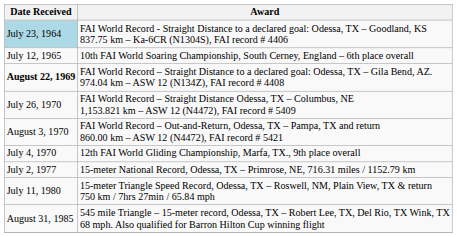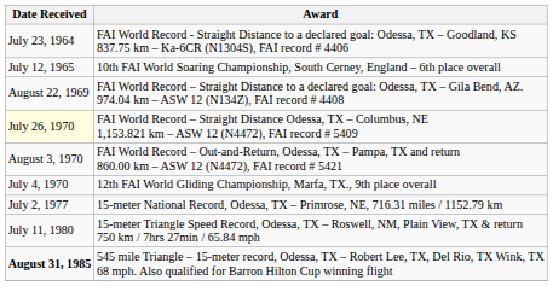 <table class="wikitable">
 <tr>
 <th>Date Received</th>
 <th>Award</th>
 </tr>
 <tr>
-<td style="background: lightblue;">July 23, 1964</td>
+<td>July 23, 1964</td>
 <td>FAI World Record - Straight Distance to a declared goal: Odessa, TX – Goodland, KS<br>837.75 km – Ka-6CR (N1304S), FAI record # 4406</td>
 </tr>
 <tr>
 <td>July 12, 1965</td>
 <td>10th FAI World Soaring Championship, South Cerney, England – 6th place overall</td>
 </tr>
 <tr>
-<td><strong>August 22, 1969</strong></td>
+<td>August 22, 1969</td>
 <td>FAI World Record – Straight Distance to a declared goal: Odessa, TX – Gila Bend, AZ.<br>974.04 km – ASW 12 (N134Z), FAI record # 4408</td>
 </tr>
 <tr>
-<td>July 26, 1970</td>
+<td style="background: lightyellow;">July 26, 1970</td>
 <td>FAI World Record – Straight Distance Odessa, TX – Columbus, NE<br>1,153.821 km – ASW 12 (N4472), FAI record # 5409</td>
 </tr>
 <tr>
 <td>August 3, 1970</td>
 <td>FAI World Record – Out-and-Return, Odessa, TX – Pampa, TX and return<br>860.00 km – ASW 12 (N4472), FAI record # 5421</td>
 </tr>
 <tr>
 <td>July 4, 1970</td>
 <td>12th FAI World Gliding Championship, Marfa, TX., 9th place overall</td>
 </tr>
 <tr>
 <td>July 2, 1977</td>
 <td>15-meter National Record, Odessa, TX – Primrose, NE, 716.31 miles / 1152.79 km</td>
 </tr>
 <tr>
 <td>July 11, 1980</td>
 <td>15-meter Triangle Speed Record, Odessa, TX – Roswell, NM, Plain View, TX & return<br>750 km / 7hrs 27min / 65.84 mph</td>
 </tr>
 <tr>
-<td>August 31, 1985</td>
+<td><strong>August 31, 1985</strong></td>
 <td>545 mile Triangle – 15-meter record, Odessa, TX – Robert Lee, TX, Del Rio, TX Wink, TX<br>68 mph. Also qualified for Barron Hilton Cup winning flight</td>
 </tr>
 <tr>
 </tr>
 </table>
